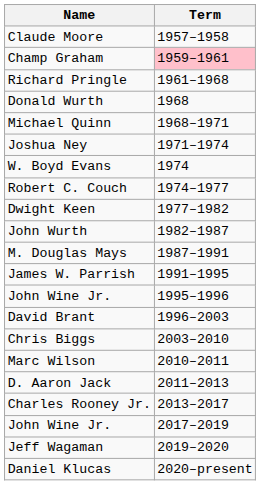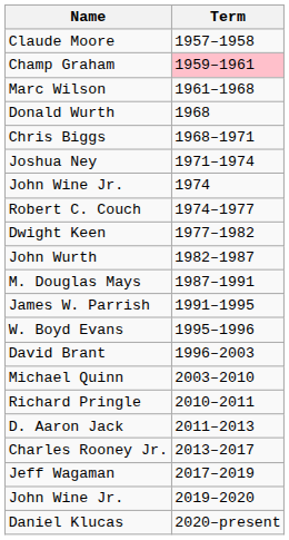 <table class="wikitable">
 <tr>
 <th>Name</th>
 <th>Term</th>
 </tr>
 <tr>
 <td>Claude Moore</td>
 <td>1957–1958</td>
 </tr>
 <tr>
 <td>Champ Graham</td>
 <td style="background: pink;">1959–1961</td>
 </tr>
 <tr>
-<td>Richard Pringle</td>
+<td>Marc Wilson</td>
 <td>1961–1968</td>
 </tr>
 <tr>
 <td>Donald Wurth</td>
 <td>1968</td>
 </tr>
 <tr>
-<td>Michael Quinn</td>
+<td>Chris Biggs</td>
 <td>1968–1971</td>
 </tr>
 <tr>
 <td>Joshua Ney</td>
 <td>1971–1974</td>
 </tr>
 <tr>
-<td>W. Boyd Evans</td>
+<td>John Wine Jr.</td>
 <td>1974</td>
 </tr>
 <tr>
 <td>Robert C. Couch</td>
 <td>1974–1977</td>
 </tr>
 <tr>
 <td>Dwight Keen</td>
 <td>1977–1982</td>
 </tr>
 <tr>
 <td>John Wurth</td>
 <td>1982–1987</td>
 </tr>
 <tr>
 <td>M. Douglas Mays</td>
 <td>1987–1991</td>
 </tr>
 <tr>
 <td>James W. Parrish</td>
 <td>1991–1995</td>
 </tr>
 <tr>
-<td>John Wine Jr.</td>
+<td>W. Boyd Evans</td>
 <td>1995–1996</td>
 </tr>
 <tr>
 <td>David Brant</td>
 <td>1996–2003</td>
 </tr>
 <tr>
-<td>Chris Biggs</td>
+<td>Michael Quinn</td>
 <td>2003–2010</td>
 </tr>
 <tr>
-<td>Marc Wilson</td>
+<td>Richard Pringle</td>
 <td>2010–2011</td>
 </tr>
 <tr>
 <td>D. Aaron Jack</td>
 <td>2011–2013</td>
 </tr>
 <tr>
 <td>Charles Rooney Jr.</td>
 <td>2013–2017</td>
 </tr>
 <tr>
-<td>John Wine Jr.</td>
+<td>Jeff Wagaman</td>
 <td>2017–2019</td>
 </tr>
 <tr>
-<td>Jeff Wagaman</td>
+<td>John Wine Jr.</td>
 <td>2019–2020</td>
 </tr>
 <tr>
 <td>Daniel Klucas</td>
 <td>2020–present</td>
 </tr>
 </table>
